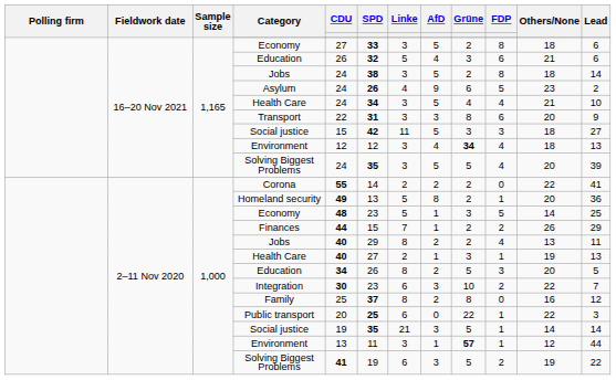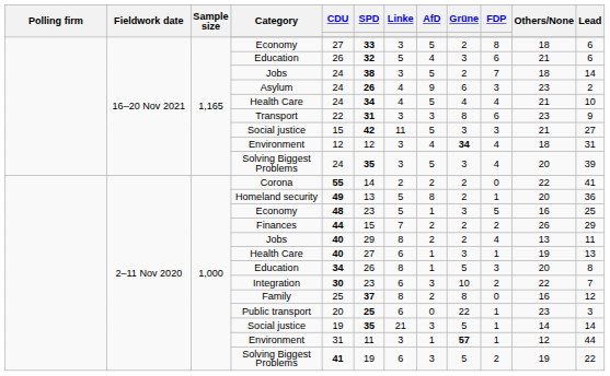 <table class="wikitable sortable" style="text-align:center;font-size:90%;line-height:14px;">
 <tr style="height:40px;">
 <th style="width:160px;" rowspan="2">Polling firm</th>
 <th style="width:125px;" rowspan="2">Fieldwork date</th>
 <th style="width:35px;" rowspan="2">Sample<br>size</th>
 <th style="width:135px;" rowspan="2">Category</th>
 <th class="unsortable" style="width:40px;"><a href='#'>CDU</a></th>
 <th class="unsortable" style="width:40px;"><a href='#'>SPD</a></th>
 <th class="unsortable" style="width:40px;"><a href='#'>Linke</a></th>
 <th class="unsortable" style="width:40px;"><a href='#'>AfD</a></th>
 <th class="unsortable" style="width:40px;"><a href='#'>Grüne</a></th>
 <th class="unsortable" style="width:40px;"><a href='#'>FDP</a></th>
 <th class="unsortable" style="width:40px;" rowspan="2">Others/None</th>
 <th style="width:30px;" rowspan="2">Lead</th>
 </tr>
 <tr>
 <th style="background:"></th>
 <th style="background:"></th>
 <th style="background:"></th>
 <th style="background:"></th>
 <th style="background:"></th>
 <th style="background:"></th>
 </tr>
 <tr>
 <td rowspan="10"></td>
 <td data-sort-value="2021-11-20" rowspan="10">16–20 Nov 2021</td>
 <td rowspan="10">1,165</td>
 </tr>
 <tr>
 <td>Economy</td>
 <td>27</td>
 <td><strong>33</strong></td>
 <td>3</td>
 <td>5</td>
 <td>2</td>
 <td>8</td>
 <td>18</td>
 <td style="background:">6</td>
 </tr>
 <tr>
 <td>Education</td>
 <td>26</td>
 <td><strong>32</strong></td>
 <td>5</td>
 <td>4</td>
 <td>3</td>
 <td>6</td>
 <td>21</td>
 <td style="background:">6</td>
 </tr>
 <tr>
 <td>Jobs</td>
 <td>24</td>
 <td><strong>38</strong></td>
 <td>3</td>
 <td>5</td>
 <td>2</td>
-<td>8</td>
+<td>7</td>
 <td>18</td>
 <td style="background:">14</td>
 </tr>
 <tr>
 <td>Asylum</td>
 <td>24</td>
 <td><strong>26</strong></td>
 <td>4</td>
 <td>9</td>
 <td>6</td>
-<td>5</td>
+<td>3</td>
 <td>23</td>
 <td style="background:">2</td>
 </tr>
 <tr>
 <td>Health Care</td>
 <td>24</td>
 <td><strong>34</strong></td>
-<td>3</td>
+<td>4</td>
 <td>5</td>
 <td>4</td>
 <td>4</td>
 <td>21</td>
 <td style="background:">10</td>
 </tr>
 <tr>
 <td>Transport</td>
 <td>22</td>
 <td><strong>31</strong></td>
 <td>3</td>
 <td>3</td>
 <td>8</td>
 <td>6</td>
-<td>20</td>
+<td>23</td>
 <td style="background:">9</td>
 </tr>
 <tr>
 <td>Social justice</td>
 <td>15</td>
 <td><strong>42</strong></td>
 <td>11</td>
 <td>5</td>
 <td>3</td>
 <td>3</td>
-<td>18</td>
+<td>21</td>
 <td style="background:">27</td>
 </tr>
 <tr>
 <td>Environment</td>
 <td>12</td>
 <td>12</td>
 <td>3</td>
 <td>4</td>
 <td><strong>34</strong></td>
 <td>4</td>
 <td>18</td>
-<td style="background:">13</td>
+<td style="background:">31</td>
 </tr>
 <tr>
 <td>Solving Biggest Problems</td>
 <td>24</td>
 <td><strong>35</strong></td>
 <td>3</td>
 <td>5</td>
-<td>5</td>
+<td>3</td>
 <td>4</td>
 <td>20</td>
 <td style="background:">39</td>
 </tr>
 <tr>
 <td rowspan="13"></td>
 <td data-sort-value="2020-11-11" rowspan="13">2–11 Nov 2020</td>
 <td rowspan="13">1,000</td>
 <td>Corona</td>
 <td><strong>55</strong></td>
 <td>14</td>
 <td>2</td>
 <td>2</td>
 <td>2</td>
 <td>0</td>
 <td>22</td>
 <td style="background:">41</td>
 </tr>
 <tr>
 <td>Homeland security</td>
 <td><strong>49</strong></td>
 <td>13</td>
 <td>5</td>
 <td>8</td>
 <td>2</td>
 <td>1</td>
 <td>20</td>
 <td style="background:">36</td>
 </tr>
 <tr>
 <td>Economy</td>
 <td><strong>48</strong></td>
 <td>23</td>
 <td>5</td>
 <td>1</td>
 <td>3</td>
 <td>5</td>
-<td>14</td>
+<td>16</td>
 <td style="background:">25</td>
 </tr>
 <tr>
 <td>Finances</td>
 <td><strong>44</strong></td>
 <td>15</td>
 <td>7</td>
-<td>1</td>
+<td>2</td>
 <td>2</td>
 <td>2</td>
 <td>26</td>
 <td style="background:">29</td>
 </tr>
 <tr>
 <td>Jobs</td>
 <td><strong>40</strong></td>
 <td>29</td>
 <td>8</td>
 <td>2</td>
 <td>2</td>
 <td>4</td>
 <td>13</td>
 <td style="background:">11</td>
 </tr>
 <tr>
 <td>Health Care</td>
 <td><strong>40</strong></td>
 <td>27</td>
-<td>2</td>
+<td>6</td>
 <td>1</td>
 <td>3</td>
 <td>1</td>
 <td>19</td>
 <td style="background:">13</td>
 </tr>
 <tr>
 <td>Education</td>
 <td><strong>34</strong></td>
 <td>26</td>
 <td>8</td>
-<td>2</td>
+<td>1</td>
 <td>5</td>
 <td>3</td>
 <td>20</td>
-<td style="background:">5</td>
+<td style="background:">8</td>
 </tr>
 <tr>
 <td>Integration</td>
 <td><strong>30</strong></td>
 <td>23</td>
 <td>6</td>
 <td>3</td>
 <td>10</td>
 <td>2</td>
 <td>22</td>
 <td style="background:">7</td>
 </tr>
 <tr>
 <td>Family</td>
 <td>25</td>
 <td><strong>37</strong></td>
 <td>8</td>
 <td>2</td>
 <td>8</td>
 <td>0</td>
 <td>16</td>
 <td style="background:">12</td>
 </tr>
 <tr>
 <td>Public transport</td>
 <td>20</td>
 <td><strong>25</strong></td>
 <td>6</td>
 <td>0</td>
 <td>22</td>
 <td>1</td>
-<td>22</td>
+<td>23</td>
 <td style="background:">3</td>
 </tr>
 <tr>
 <td>Social justice</td>
 <td>19</td>
 <td><strong>35</strong></td>
 <td>21</td>
 <td>3</td>
 <td>5</td>
 <td>1</td>
 <td>14</td>
 <td style="background:">14</td>
 </tr>
 <tr>
 <td>Environment</td>
-<td>13</td>
+<td>31</td>
 <td>11</td>
 <td>3</td>
 <td>1</td>
 <td><strong>57</strong></td>
 <td>1</td>
 <td>12</td>
 <td style="background:">44</td>
 </tr>
 <tr>
 <td>Solving Biggest Problems</td>
 <td><strong>41</strong></td>
 <td>19</td>
 <td>6</td>
 <td>3</td>
 <td>5</td>
 <td>2</td>
 <td>19</td>
 <td style="background:">22</td>
 </tr>
 </table>
